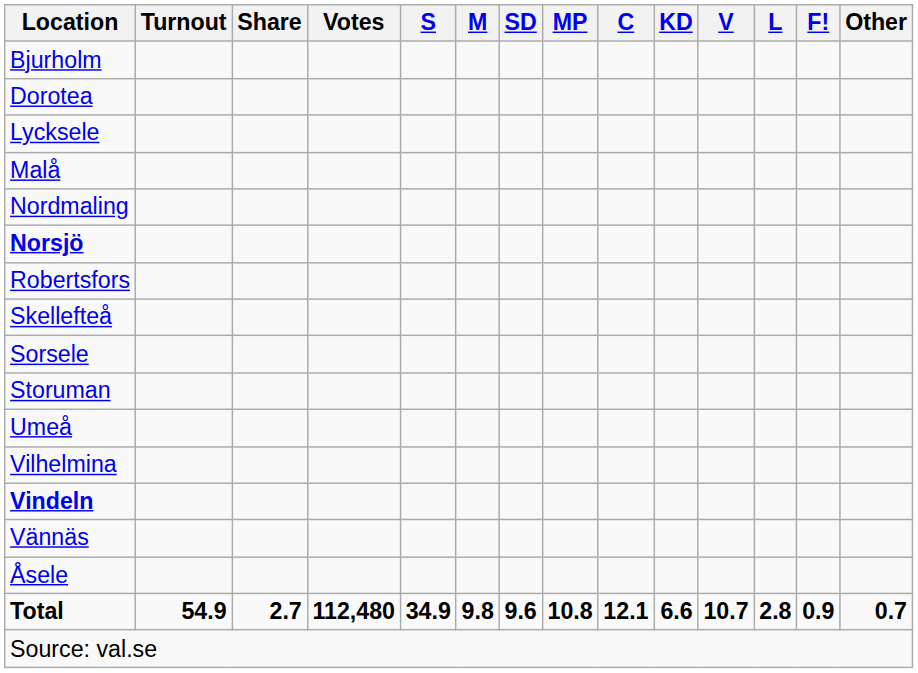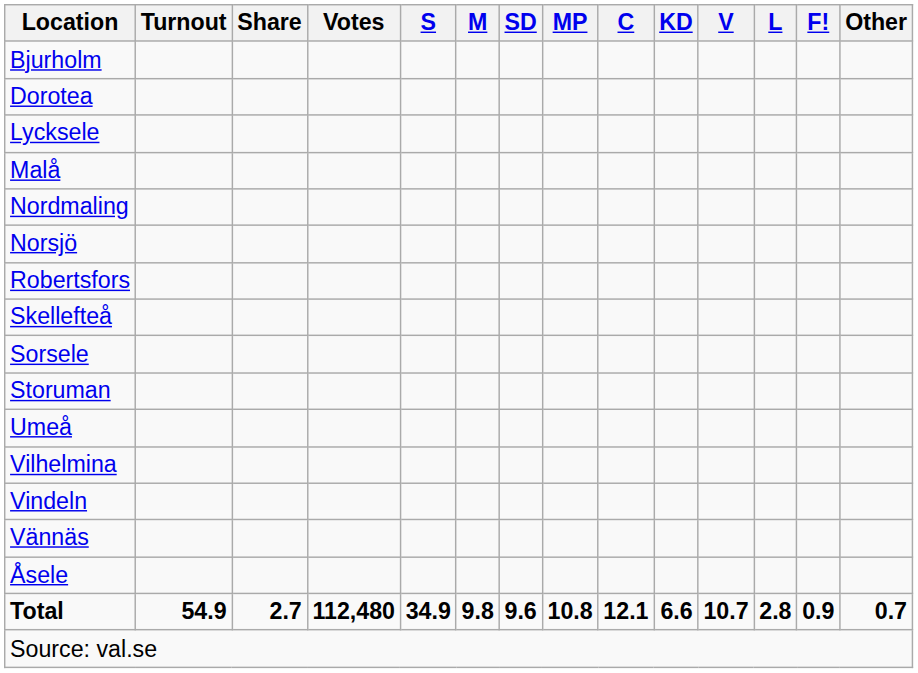 <table class="wikitable sortable" style=text-align:right>
 <tr>
 <th>Location</th>
 <th>Turnout</th>
 <th>Share</th>
 <th>Votes</th>
 <th><a href='#'>S</a></th>
 <th><a href='#'>M</a></th>
 <th><a href='#'>SD</a></th>
 <th><a href='#'>MP</a></th>
 <th><a href='#'>C</a></th>
 <th><a href='#'>KD</a></th>
 <th><a href='#'>V</a></th>
 <th><a href='#'>L</a></th>
 <th><a href='#'>F!</a></th>
 <th>Other</th>
 </tr>
 <tr>
 <td align=left><a href='#'>Bjurholm</a></td>
 <td></td>
 <td></td>
 <td></td>
 <td></td>
 <td></td>
 <td></td>
 <td></td>
 <td></td>
 <td></td>
 <td></td>
 <td></td>
 <td></td>
 <td></td>
 </tr>
 <tr>
 <td align=left><a href='#'>Dorotea</a></td>
 <td></td>
 <td></td>
 <td></td>
 <td></td>
 <td></td>
 <td></td>
 <td></td>
 <td></td>
 <td></td>
 <td></td>
 <td></td>
 <td></td>
 <td></td>
 </tr>
 <tr>
 <td align=left><a href='#'>Lycksele</a></td>
 <td></td>
 <td></td>
 <td></td>
 <td></td>
 <td></td>
 <td></td>
 <td></td>
 <td></td>
 <td></td>
 <td></td>
 <td></td>
 <td></td>
 <td></td>
 </tr>
 <tr>
 <td align=left><a href='#'>Malå</a></td>
 <td></td>
 <td></td>
 <td></td>
 <td></td>
 <td></td>
 <td></td>
 <td></td>
 <td></td>
 <td></td>
 <td></td>
 <td></td>
 <td></td>
 <td></td>
 </tr>
 <tr>
 <td align=left><a href='#'>Nordmaling</a></td>
 <td></td>
 <td></td>
 <td></td>
 <td></td>
 <td></td>
 <td></td>
 <td></td>
 <td></td>
 <td></td>
 <td></td>
 <td></td>
 <td></td>
 <td></td>
 </tr>
 <tr>
-<td align=left><strong><a href='#'>Norsjö</a></strong></td>
+<td align=left><a href='#'>Norsjö</a></td>
 <td></td>
 <td></td>
 <td></td>
 <td></td>
 <td></td>
 <td></td>
 <td></td>
 <td></td>
 <td></td>
 <td></td>
 <td></td>
 <td></td>
 <td></td>
 </tr>
 <tr>
 <td align=left><a href='#'>Robertsfors</a></td>
 <td></td>
 <td></td>
 <td></td>
 <td></td>
 <td></td>
 <td></td>
 <td></td>
 <td></td>
 <td></td>
 <td></td>
 <td></td>
 <td></td>
 <td></td>
 </tr>
 <tr>
 <td align=left><a href='#'>Skellefteå</a></td>
 <td></td>
 <td></td>
 <td></td>
 <td></td>
 <td></td>
 <td></td>
 <td></td>
 <td></td>
 <td></td>
 <td></td>
 <td></td>
 <td></td>
 <td></td>
 </tr>
 <tr>
 <td align=left><a href='#'>Sorsele</a></td>
 <td></td>
 <td></td>
 <td></td>
 <td></td>
 <td></td>
 <td></td>
 <td></td>
 <td></td>
 <td></td>
 <td></td>
 <td></td>
 <td></td>
 <td></td>
 </tr>
 <tr>
 <td align=left><a href='#'>Storuman</a></td>
 <td></td>
 <td></td>
 <td></td>
 <td></td>
 <td></td>
 <td></td>
 <td></td>
 <td></td>
 <td></td>
 <td></td>
 <td></td>
 <td></td>
 <td></td>
 </tr>
 <tr>
 <td align=left><a href='#'>Umeå</a></td>
 <td></td>
 <td></td>
 <td></td>
 <td></td>
 <td></td>
 <td></td>
 <td></td>
 <td></td>
 <td></td>
 <td></td>
 <td></td>
 <td></td>
 <td></td>
 </tr>
 <tr>
 <td align=left><a href='#'>Vilhelmina</a></td>
 <td></td>
 <td></td>
 <td></td>
 <td></td>
 <td></td>
 <td></td>
 <td></td>
 <td></td>
 <td></td>
 <td></td>
 <td></td>
 <td></td>
 <td></td>
 </tr>
 <tr>
-<td align=left><strong><a href='#'>Vindeln</a></strong></td>
+<td align=left><a href='#'>Vindeln</a></td>
 <td></td>
 <td></td>
 <td></td>
 <td></td>
 <td></td>
 <td></td>
 <td></td>
 <td></td>
 <td></td>
 <td></td>
 <td></td>
 <td></td>
 <td></td>
 </tr>
 <tr>
 <td align=left><a href='#'>Vännäs</a></td>
 <td></td>
 <td></td>
 <td></td>
 <td></td>
 <td></td>
 <td></td>
 <td></td>
 <td></td>
 <td></td>
 <td></td>
 <td></td>
 <td></td>
 <td></td>
 </tr>
 <tr>
 <td align=left><a href='#'>Åsele</a></td>
 <td></td>
 <td></td>
 <td></td>
 <td></td>
 <td></td>
 <td></td>
 <td></td>
 <td></td>
 <td></td>
 <td></td>
 <td></td>
 <td></td>
 <td></td>
 </tr>
 <tr>
 <td align=left><strong>Total</strong></td>
 <td><strong>54.9</strong></td>
 <td><strong>2.7</strong></td>
 <td><strong>112,480</strong></td>
 <td><strong>34.9</strong></td>
 <td><strong>9.8</strong></td>
 <td><strong>9.6</strong></td>
 <td><strong>10.8</strong></td>
 <td><strong>12.1</strong></td>
 <td><strong>6.6</strong></td>
 <td><strong>10.7</strong></td>
 <td><strong>2.8</strong></td>
 <td><strong>0.9</strong></td>
 <td><strong>0.7</strong></td>
 </tr>
 <tr>
 <td align=left colspan=14>Source: val.se </td>
 </tr>
 </table>
